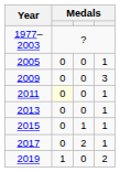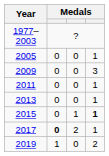 <table class="wikitable" style="text-align: center; font-size:95%;">
 <tr>
 <th rowspan=2 width=30%>Year</th>
 <th colspan=3 width=40%>Medals</th>
 </tr>
 <tr>
 <th !width=10></th>
 <th !width=10></th>
 <th !width=10></th>
 </tr>
 <tr>
 <td> <a href='#'>1977</a>–<br> <a href='#'>2003</a></td>
 <td colspan=3>?</td>
 </tr>
 <tr>
 <td> <a href='#'>2005</a></td>
 <td>0</td>
 <td>0</td>
 <td>1</td>
 </tr>
 <tr>
 <td> <a href='#'>2009</a></td>
 <td>0</td>
 <td>0</td>
 <td>3</td>
 </tr>
 <tr>
 <td> <a href='#'>2011</a></td>
-<td style="background: lightyellow;">0</td>
+<td>0</td>
 <td>0</td>
 <td>1</td>
 </tr>
 <tr>
 <td> <a href='#'>2013</a></td>
 <td>0</td>
 <td>0</td>
 <td>1</td>
 </tr>
 <tr>
 <td> <a href='#'>2015</a></td>
 <td>0</td>
 <td>1</td>
-<td>1</td>
+<td><strong>1</strong></td>
 </tr>
 <tr>
 <td> <a href='#'>2017</a></td>
-<td>0</td>
+<td><strong>0</strong></td>
 <td>2</td>
 <td>1</td>
 </tr>
 <tr>
 <td> <a href='#'>2019</a></td>
 <td>1</td>
 <td>0</td>
 <td>2</td>
 </tr>
 </table>
